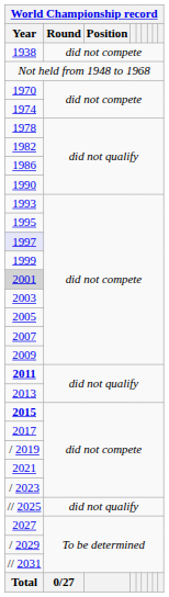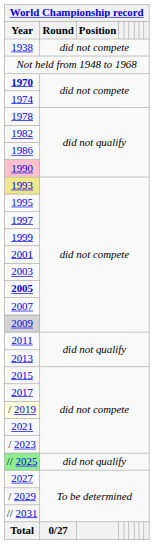 <table class="wikitable" style="text-align: center;">
 <tr>
 <th colspan=9><a href='#'>World Championship record</a></th>
 </tr>
 <tr>
 <th>Year</th>
 <th>Round</th>
 <th>Position</th>
 <th></th>
 <th></th>
 <th></th>
 <th></th>
 <th></th>
 <th></th>
 </tr>
 <tr>
 <td> <a href='#'>1938</a></td>
 <td colspan=8><em>did not compete</em></td>
 </tr>
 <tr>
 <td colspan=9><em>Not held from 1948 to 1968</em></td>
 </tr>
 <tr>
-<td> <a href='#'>1970</a></td>
+<td><strong> <a href='#'>1970</a></strong></td>
 <td colspan="8" rowspan="2"><em>did not compete</em></td>
 </tr>
 <tr>
 <td> <a href='#'>1974</a></td>
 </tr>
 <tr>
 <td> <a href='#'>1978</a></td>
 <td colspan="8" rowspan="4"><em>did not qualify</em></td>
 </tr>
 <tr>
 <td> <a href='#'>1982</a></td>
 </tr>
 <tr>
 <td> <a href='#'>1986</a></td>
 </tr>
 <tr>
-<td> <a href='#'>1990</a></td>
+<td style="background: pink;"> <a href='#'>1990</a></td>
 </tr>
 <tr>
-<td> <a href='#'>1993</a></td>
+<td style="background: khaki;"> <a href='#'>1993</a></td>
 <td colspan="8" rowspan="9"><em>did not compete</em></td>
 </tr>
 <tr>
 <td> <a href='#'>1995</a></td>
 </tr>
 <tr>
-<td style="background: lavender;"> <a href='#'>1997</a></td>
+<td> <a href='#'>1997</a></td>
 </tr>
 <tr>
 <td> <a href='#'>1999</a></td>
 </tr>
 <tr>
-<td style="background: lightgrey;"> <a href='#'>2001</a></td>
+<td> <a href='#'>2001</a></td>
 </tr>
 <tr>
 <td> <a href='#'>2003</a></td>
 </tr>
 <tr>
-<td> <a href='#'>2005</a></td>
+<td><strong> <a href='#'>2005</a></strong></td>
 </tr>
 <tr>
 <td> <a href='#'>2007</a></td>
 </tr>
 <tr>
-<td> <a href='#'>2009</a></td>
+<td style="background: lightgrey;"> <a href='#'>2009</a></td>
 </tr>
 <tr>
-<td><strong> <a href='#'>2011</a></strong></td>
+<td> <a href='#'>2011</a></td>
 <td colspan="8" rowspan="2"><em>did not qualify</em></td>
 </tr>
 <tr>
 <td> <a href='#'>2013</a></td>
 </tr>
 <tr>
-<td><strong> <a href='#'>2015</a></strong></td>
+<td> <a href='#'>2015</a></td>
 <td colspan="8" rowspan="5"><em>did not compete</em></td>
 </tr>
 <tr>
 <td> <a href='#'>2017</a></td>
 </tr>
 <tr>
-<td>/ <a href='#'>2019</a></td>
+<td style="background: lightyellow;">/ <a href='#'>2019</a></td>
 </tr>
 <tr>
 <td> <a href='#'>2021</a></td>
 </tr>
 <tr>
 <td>/ <a href='#'>2023</a></td>
 </tr>
 <tr>
-<td>// <a href='#'>2025</a></td>
+<td style="background: lightgreen;">// <a href='#'>2025</a></td>
 <td colspan="8"><em>did not qualify</em></td>
 </tr>
 <tr>
 <td> <a href='#'>2027</a></td>
 <td colspan="8" rowspan="3"><em>To be determined</em></td>
 </tr>
 <tr>
 <td>/ <a href='#'>2029</a></td>
 </tr>
 <tr>
 <td>// <a href='#'>2031</a></td>
 </tr>
 <tr>
 <th>Total</th>
 <th>0/27</th>
 <th></th>
 <th></th>
 <th></th>
 <th></th>
 <th></th>
 <th></th>
 <th></th>
 </tr>
 </table>
